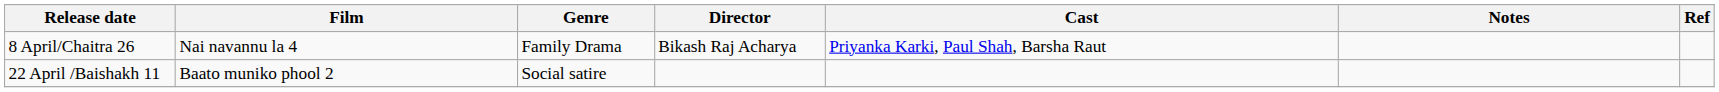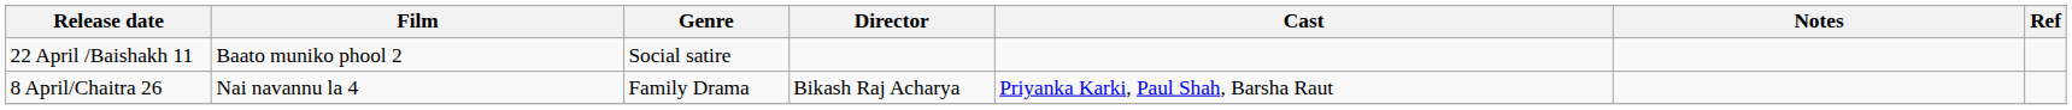 <table class="wikitable sortable" style="width:100%">
 <tr shor>
 </tr>
 <tr>
 <th style="width:10%;">Release date</th>
 <th style="width:20%;">Film</th>
 <th !style="width:10%;">Genre</th>
 <th style="width:10%;">Director</th>
 <th style="width:30%;">Cast</th>
 <th style="width:20%;">Notes</th>
 <th style="width:2%;">Ref</th>
 </tr>
 <tr>
+<td>22 April /Baishakh 11</td>
+<td>Baato muniko phool 2</td>
+<td>Social satire</td>
+<td></td>
+<td></td>
+<td></td>
+<td></td>
+</tr>
+<tr>
 <td>8 April/Chaitra 26</td>
 <td>Nai navannu la 4</td>
 <td>Family Drama</td>
 <td>Bikash Raj Acharya</td>
 <td><a href='#'>Priyanka Karki</a>, <a href='#'>Paul Shah</a>, Barsha Raut</td>
 <td></td>
 <td></td>
 </tr>
 <tr>
-<td>22 April /Baishakh 11</td>
-<td>Baato muniko phool 2</td>
-<td>Social satire</td>
-<td></td>
-<td></td>
-<td></td>
-<td></td>
-</tr>
-<tr>
 </tr>
 </table>
